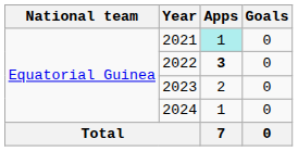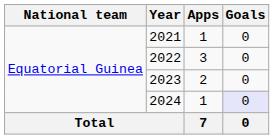 <table class="wikitable" style="text-align:center">
 <tr>
 <th>National team</th>
 <th>Year</th>
 <th>Apps</th>
 <th>Goals</th>
 </tr>
 <tr>
 <td rowspan=4><a href='#'>Equatorial Guinea</a></td>
 <td>2021</td>
-<td style="background: paleturquoise;">1</td>
+<td>1</td>
 <td>0</td>
 </tr>
 <tr>
 <td>2022</td>
-<td><strong>3</strong></td>
+<td>3</td>
 <td>0</td>
 </tr>
 <tr>
 <td>2023</td>
 <td>2</td>
 <td>0</td>
 </tr>
 <tr>
 <td>2024</td>
 <td>1</td>
-<td>0</td>
+<td style="background: lavender;">0</td>
 </tr>
 <tr>
 <th colspan=2>Total</th>
 <th>7</th>
 <th>0</th>
 </tr>
 </table>
